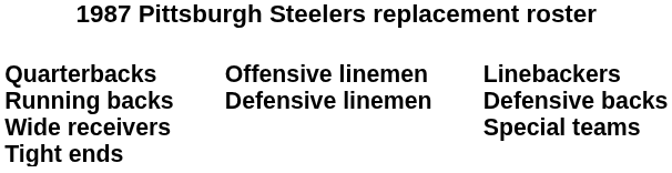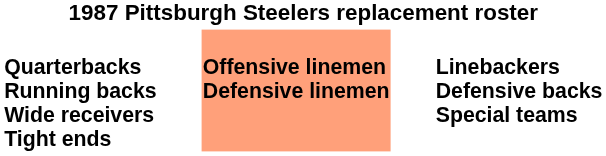 <table class="toccolours" style="text-align:left">
 <tr>
 <th colspan="7" style="text-align:center; "><strong>1987 Pittsburgh Steelers replacement roster</strong></th>
 </tr>
 <tr>
 <td style="font-size: 95%;" valign="top"><br><strong>Quarterbacks</strong>   <br><strong>Running backs</strong>     <br><strong>Wide receivers</strong>      <br><strong>Tight ends</strong>  </td>
 <td style="width: 25px;"></td>
-<td style="font-size: 95%;" valign="top"><br><strong>Offensive linemen</strong>         <br><strong>Defensive linemen</strong>        </td>
+<td style="background: lightsalmon; font-size: 95%;" valign="top"><br><strong>Offensive linemen</strong>         <br><strong>Defensive linemen</strong>        </td>
 <td style="width: 25px;"></td>
 <td style="font-size: 95%;" valign="top"><br><strong>Linebackers</strong>      <br><strong>Defensive backs</strong>        <br><strong>Special teams</strong>  </td>
 </tr>
 </table>
